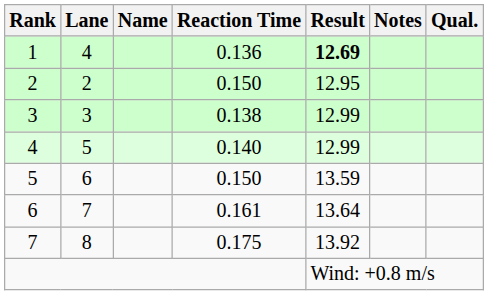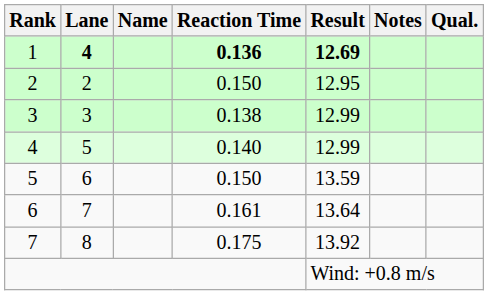 <table class="wikitable sortable" style="text-align:center">
 <tr>
 <th>Rank</th>
 <th>Lane</th>
 <th>Name</th>
 <th>Reaction Time</th>
 <th>Result</th>
 <th>Notes</th>
 <th>Qual.</th>
 </tr>
 <tr bgcolor=ccffcc>
 <td>1</td>
-<td>4</td>
+<td><strong>4</strong></td>
 <td align="left"></td>
-<td>0.136</td>
+<td><strong>0.136</strong></td>
 <td><strong>12.69</strong></td>
 <td></td>
 <td></td>
 </tr>
 <tr bgcolor=ccffcc>
 <td>2</td>
 <td>2</td>
 <td align="left"></td>
 <td>0.150</td>
 <td>12.95</td>
 <td></td>
 <td></td>
 </tr>
 <tr bgcolor=ccffcc>
 <td>3</td>
 <td>3</td>
 <td align="left"></td>
 <td>0.138</td>
 <td>12.99</td>
 <td></td>
 <td></td>
 </tr>
 <tr bgcolor=ddffdd>
 <td>4</td>
 <td>5</td>
 <td align="left"></td>
 <td>0.140</td>
 <td>12.99</td>
 <td></td>
 <td></td>
 </tr>
 <tr>
 <td>5</td>
 <td>6</td>
 <td align="left"></td>
 <td>0.150</td>
 <td>13.59</td>
 <td></td>
 <td></td>
 </tr>
 <tr>
 <td>6</td>
 <td>7</td>
 <td align="left"></td>
 <td>0.161</td>
 <td>13.64</td>
 <td></td>
 <td></td>
 </tr>
 <tr>
 <td>7</td>
 <td>8</td>
 <td align="left"></td>
 <td>0.175</td>
 <td>13.92</td>
 <td></td>
 <td></td>
 </tr>
 <tr class="sortbottom">
 <td colspan=4></td>
 <td colspan="3" style="text-align:left;">Wind: +0.8 m/s</td>
 </tr>
 </table>
